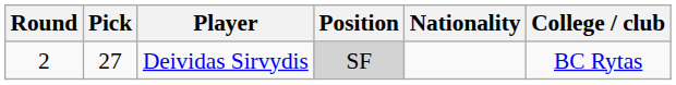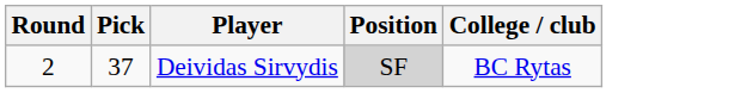 <table class="wikitable sortable sortable">
 <tr>
 <th>Round</th>
 <th>Pick</th>
 <th>Player</th>
 <th>Position</th>
-<th>Nationality</th>
 <th>College / club</th>
 </tr>
 <tr style="text-align: center">
 <td>2</td>
-<td>27</td>
+<td>37</td>
 <td><a href='#'>Deividas Sirvydis</a></td>
 <td style="background: lightgrey;">SF</td>
-<td></td>
 <td> <a href='#'>BC Rytas</a></td>
 </tr>
 </table>
